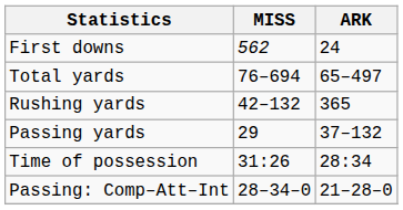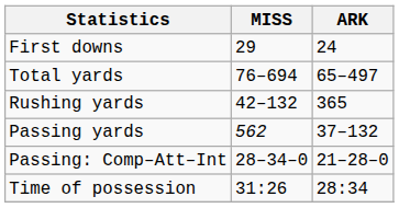 <table class="wikitable" style="float: left;">
 <tr>
 <th>Statistics</th>
 <th>MISS</th>
 <th>ARK</th>
 </tr>
 <tr>
 <td>First downs</td>
-<td><em>562</em></td>
+<td>29</td>
 <td>24</td>
 </tr>
 <tr>
 <td>Total yards</td>
 <td>76–694</td>
 <td>65–497</td>
 </tr>
 <tr>
 <td>Rushing yards</td>
 <td>42–132</td>
 <td>365</td>
 </tr>
 <tr>
 <td>Passing yards</td>
-<td>29</td>
+<td><em>562</em></td>
 <td>37–132</td>
+</tr>
+<tr>
+<td>Passing: Comp–Att–Int</td>
+<td>28–34–0</td>
+<td>21–28–0</td>
 </tr>
 <tr>
 <td>Time of possession</td>
 <td>31:26</td>
 <td>28:34</td>
 </tr>
 <tr>
-<td>Passing: Comp–Att–Int</td>
-<td>28–34–0</td>
-<td>21–28–0</td>
-</tr>
-<tr>
 </tr>
 </table>
